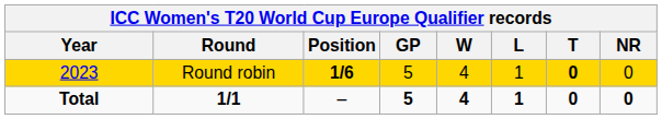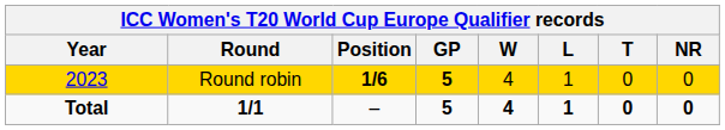 <table class="wikitable" style="text-align: center; width=900px;">
 <tr>
 <th colspan=9><a href='#'>ICC Women's T20 World Cup Europe Qualifier</a> records</th>
 </tr>
 <tr>
 <th width=150>Year</th>
 <th width=150>Round</th>
 <th width=50>Position</th>
 <th width=50>GP</th>
 <th width=50>W</th>
 <th width=50>L</th>
 <th width=50>T</th>
 <th width=50>NR</th>
 </tr>
 <tr bgcolor=gold>
 <td> <a href='#'>2023</a></td>
 <td>Round robin</td>
 <td><strong>1/6</strong></td>
-<td>5</td>
+<td><strong>5</strong></td>
 <td>4</td>
 <td>1</td>
-<td><strong>0</strong></td>
+<td>0</td>
 <td>0</td>
 </tr>
 <tr>
 <td><strong>Total</strong></td>
 <td><strong>1/1</strong></td>
 <td>–</td>
 <td><strong>5</strong></td>
 <td><strong>4</strong></td>
 <td><strong>1</strong></td>
 <td><strong>0</strong></td>
 <td><strong>0</strong></td>
 </tr>
 </table>
